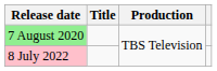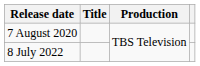 <table class="wikitable sortable">
 <tr>
 <th>Release date</th>
 <th>Title</th>
 <th>Production</th>
 <th class="unsortable"></th>
 </tr>
 <tr>
-<td style="background: lightgreen;">7 August 2020</td>
+<td>7 August 2020</td>
 <td></td>
 <td rowspan="2">TBS Television</td>
 <td></td>
 </tr>
 <tr>
-<td style="background: pink;">8 July 2022</td>
+<td>8 July 2022</td>
 <td></td>
 <td></td>
 </tr>
 </table>
